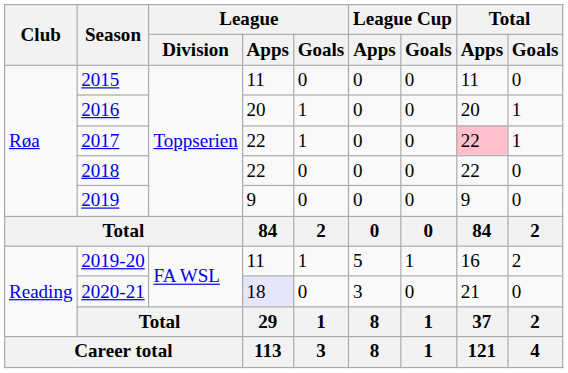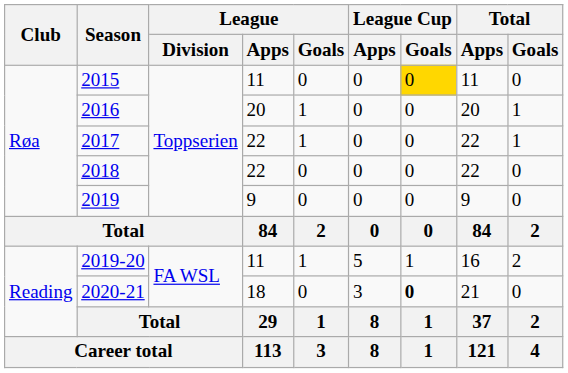 <table class="wikitable">
 <tr>
 <th rowspan="2">Club</th>
 <th rowspan="2">Season</th>
 <th colspan="3">League</th>
 <th colspan="2">League Cup</th>
 <th colspan="2">Total</th>
 </tr>
 <tr>
 <th>Division</th>
 <th>Apps</th>
 <th>Goals</th>
 <th>Apps</th>
 <th>Goals</th>
 <th>Apps</th>
 <th>Goals</th>
 </tr>
 <tr>
 <td rowspan="5"><a href='#'>Røa</a></td>
 <td><a href='#'>2015</a></td>
 <td rowspan="5"><a href='#'>Toppserien</a></td>
 <td>11</td>
 <td>0</td>
 <td>0</td>
-<td>0</td>
+<td style="background: gold;">0</td>
 <td>11</td>
 <td>0</td>
 </tr>
 <tr>
 <td><a href='#'>2016</a></td>
 <td>20</td>
 <td>1</td>
 <td>0</td>
 <td>0</td>
 <td>20</td>
 <td>1</td>
 </tr>
 <tr>
 <td><a href='#'>2017</a></td>
 <td>22</td>
 <td>1</td>
 <td>0</td>
 <td>0</td>
-<td style="background: pink;">22</td>
+<td>22</td>
 <td>1</td>
 </tr>
 <tr>
 <td><a href='#'>2018</a></td>
 <td>22</td>
 <td>0</td>
 <td>0</td>
 <td>0</td>
 <td>22</td>
 <td>0</td>
 </tr>
 <tr>
 <td><a href='#'>2019</a></td>
 <td>9</td>
 <td>0</td>
 <td>0</td>
 <td>0</td>
 <td>9</td>
 <td>0</td>
 </tr>
 <tr>
 <th colspan="3">Total</th>
 <th>84</th>
 <th>2</th>
 <th>0</th>
 <th>0</th>
 <th>84</th>
 <th>2</th>
 </tr>
 <tr>
 <td rowspan="3"><a href='#'>Reading</a></td>
 <td><a href='#'>2019-20</a></td>
 <td rowspan="2"><a href='#'>FA WSL</a></td>
 <td>11</td>
 <td>1</td>
 <td>5</td>
 <td>1</td>
 <td>16</td>
 <td>2</td>
 </tr>
 <tr>
 <td><a href='#'>2020-21</a></td>
-<td style="background: lavender;">18</td>
+<td>18</td>
 <td>0</td>
 <td>3</td>
-<td>0</td>
+<td><strong>0</strong></td>
 <td>21</td>
 <td>0</td>
 </tr>
 <tr>
 <th colspan="2">Total</th>
 <th>29</th>
 <th>1</th>
 <th>8</th>
 <th>1</th>
 <th>37</th>
 <th>2</th>
 </tr>
 <tr>
 <th colspan="3">Career total</th>
 <th>113</th>
 <th>3</th>
 <th>8</th>
 <th>1</th>
 <th>121</th>
 <th>4</th>
 </tr>
 </table>
